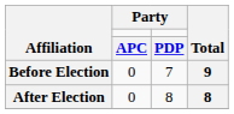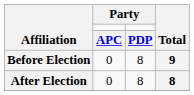 <table class=wikitable style="text-align:center">
 <tr style="vertical-align:bottom;">
 <th rowspan=3>Affiliation</th>
 <th colspan=2>Party</th>
 <th rowspan=3>Total</th>
 </tr>
 <tr>
 <td style="background-color:"></td>
 <td style="background-color:"></td>
 </tr>
 <tr>
 <th><a href='#'>APC</a></th>
 <th><a href='#'>PDP</a></th>
 </tr>
 <tr>
 <th>Before Election</th>
 <td>0</td>
-<td>7</td>
+<td>8</td>
 <th>9</th>
 </tr>
 <tr>
 <th>After Election</th>
 <td>0</td>
 <td>8</td>
 <th>8</th>
 </tr>
 <tr>
 </tr>
 </table>
